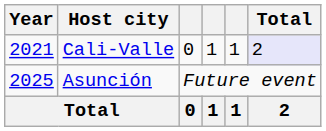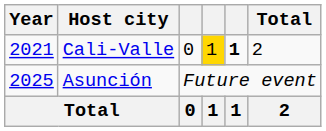 <table class="wikitable sortable">
 <tr>
 <th>Year</th>
 <th>Host city</th>
 <th></th>
 <th></th>
 <th></th>
 <th>Total</th>
 </tr>
 <tr>
 <td><a href='#'>2021</a></td>
 <td><a href='#'>Cali-Valle</a></td>
 <td>0</td>
-<td>1</td>
-<td>1</td>
-<td style="background: lavender;">2</td>
+<td style="background: gold;">1</td>
+<td><strong>1</strong></td>
+<td>2</td>
 </tr>
 <tr>
 <td><a href='#'>2025</a></td>
 <td><a href='#'>Asunción</a></td>
 <td colspan="4" style="text-align:center;"><em>Future event</em></td>
 </tr>
 <tr>
 <th colspan="2">Total</th>
 <th>0</th>
 <th>1</th>
 <th>1</th>
 <th>2</th>
 </tr>
 </table>
